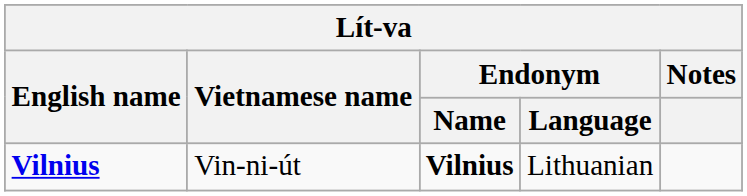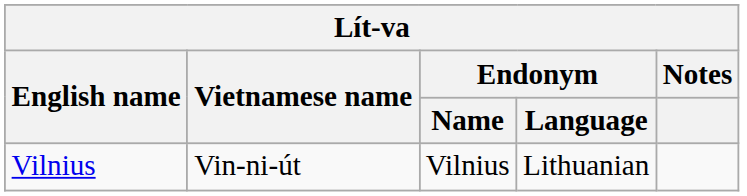 <table class="wikitable sortable">
 <tr>
 <th colspan="5"> Lít-va</th>
 </tr>
 <tr>
 <th rowspan="2">English name</th>
 <th rowspan="2">Vietnamese name</th>
 <th colspan="2">Endonym</th>
 <th>Notes</th>
 </tr>
 <tr>
 <th>Name</th>
 <th>Language</th>
 <th></th>
 </tr>
 <tr>
-<td><strong><a href='#'>Vilnius</a></strong></td>
+<td><a href='#'>Vilnius</a></td>
 <td>Vin-ni-út</td>
-<td><strong>Vilnius</strong></td>
+<td>Vilnius</td>
 <td>Lithuanian</td>
 <td></td>
 </tr>
 </table>
